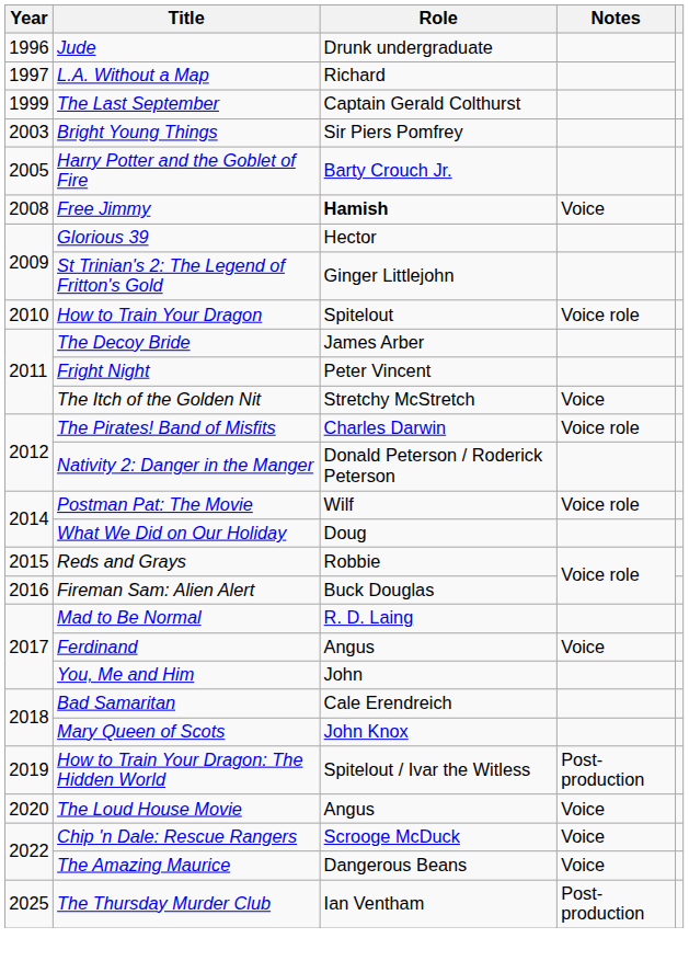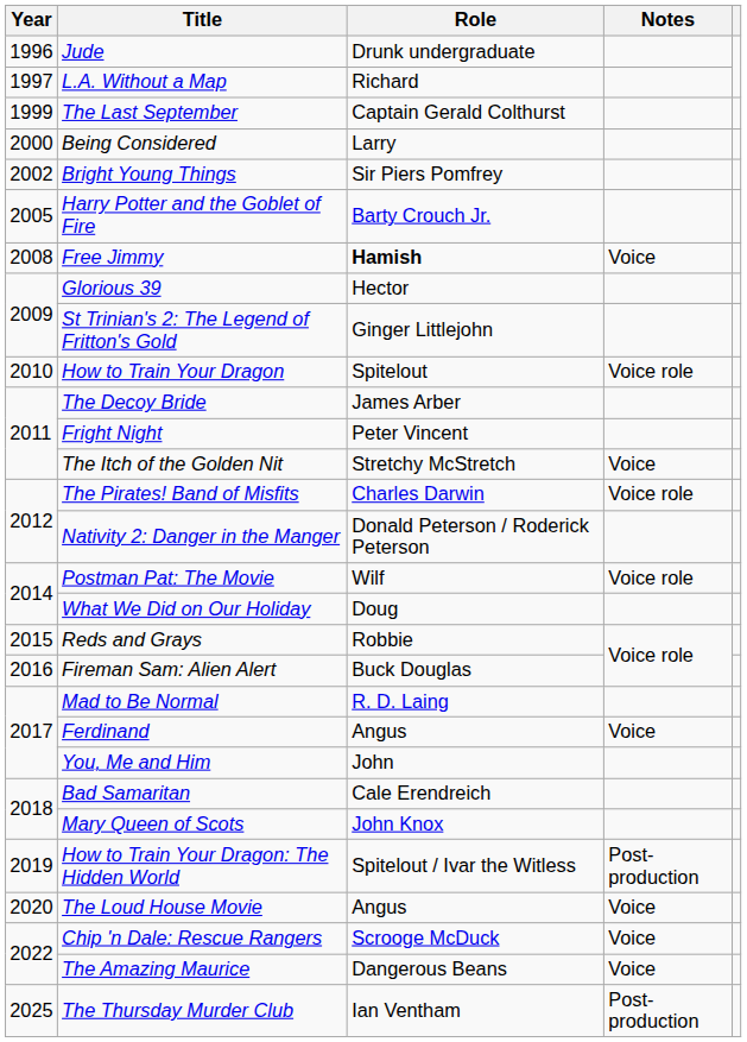 <table class="wikitable sortable">
 <tr>
 <th>Year</th>
 <th>Title</th>
 <th>Role</th>
 <th class="unsortable">Notes</th>
 <th class="unsortable"></th>
 </tr>
 <tr>
 <td>1996</td>
 <td><em><a href='#'>Jude</a></em></td>
 <td>Drunk undergraduate</td>
 <td></td>
 <td rowspan="2"></td>
 </tr>
 <tr>
 <td>1997</td>
 <td><em><a href='#'>L.A. Without a Map</a></em></td>
 <td>Richard</td>
 <td></td>
 </tr>
 <tr>
 <td>1999</td>
 <td><em><a href='#'>The Last September</a></em></td>
 <td data-sort-value="Colthurst, Captain Gerald">Captain Gerald Colthurst</td>
 <td></td>
 <td></td>
 </tr>
 <tr>
-<td>2003</td>
+<td>2000</td>
+<td><em>Being Considered</em></td>
+<td>Larry</td>
+<td></td>
+<td></td>
+</tr>
+<tr>
+<td>2002</td>
 <td><em><a href='#'>Bright Young Things</a></em></td>
 <td>Sir Piers Pomfrey</td>
 <td></td>
 <td></td>
 </tr>
 <tr>
 <td>2005</td>
 <td><em><a href='#'>Harry Potter and the Goblet of Fire</a></em></td>
 <td data-sort-value="Crouch Jr., Barty"><a href='#'>Barty Crouch Jr.</a></td>
 <td></td>
 <td></td>
 </tr>
 <tr>
 <td>2008</td>
 <td><em><a href='#'>Free Jimmy</a></em></td>
 <td><strong>Hamish</strong></td>
 <td>Voice</td>
 <td></td>
 </tr>
 <tr>
 <td rowspan="2">2009</td>
 <td><em><a href='#'>Glorious 39</a></em></td>
 <td>Hector</td>
 <td></td>
 <td></td>
 </tr>
 <tr>
 <td><em><a href='#'>St Trinian's 2: The Legend of Fritton's Gold</a></em></td>
 <td data-sort-value="Littlejohn, Ginger">Ginger Littlejohn</td>
 <td></td>
 <td></td>
 </tr>
 <tr>
 <td>2010</td>
 <td><em><a href='#'>How to Train Your Dragon</a></em></td>
 <td>Spitelout</td>
 <td>Voice role</td>
 <td></td>
 </tr>
 <tr>
 <td rowspan="3">2011</td>
 <td><em><a href='#'>The Decoy Bride</a></em></td>
 <td data-sort-value="Arber, James">James Arber</td>
 <td></td>
 <td></td>
 </tr>
 <tr>
 <td><em><a href='#'>Fright Night</a></em></td>
 <td data-sort-value="Vincent, Peter">Peter Vincent</td>
 <td></td>
 <td></td>
 </tr>
 <tr>
 <td><em>The Itch of the Golden Nit</em></td>
 <td data-sort-value="McStretch, Stretchy">Stretchy McStretch</td>
 <td>Voice</td>
 <td></td>
 </tr>
 <tr>
 <td rowspan="2">2012</td>
 <td><em><a href='#'>The Pirates! Band of Misfits</a></em></td>
 <td data-sort-value="Darwin, Charles"><a href='#'>Charles Darwin</a></td>
 <td>Voice role</td>
 <td></td>
 </tr>
 <tr>
 <td><em><a href='#'>Nativity 2: Danger in the Manger</a></em></td>
 <td data-sort-value="Peterson, Donald">Donald Peterson / Roderick Peterson</td>
 <td></td>
 <td></td>
 </tr>
 <tr>
 <td rowspan="2">2014</td>
 <td><em><a href='#'>Postman Pat: The Movie</a></em></td>
 <td>Wilf</td>
 <td>Voice role</td>
 <td></td>
 </tr>
 <tr>
 <td><em><a href='#'>What We Did on Our Holiday</a></em></td>
 <td>Doug</td>
 <td></td>
 <td></td>
 </tr>
 <tr>
 <td>2015</td>
 <td><em>Reds and Grays</em></td>
 <td>Robbie</td>
 <td rowspan="2">Voice role</td>
 <td></td>
 </tr>
 <tr>
 <td>2016</td>
 <td><em>Fireman Sam: Alien Alert</em></td>
 <td data-sort-value="Douglas, Buck">Buck Douglas</td>
 <td></td>
 </tr>
 <tr>
 <td rowspan="3">2017</td>
 <td><em><a href='#'>Mad to Be Normal</a></em></td>
 <td data-sort-value="Laing, R. D."><a href='#'>R. D. Laing</a></td>
 <td></td>
 <td></td>
 </tr>
 <tr>
 <td><em><a href='#'>Ferdinand</a></em></td>
 <td>Angus</td>
 <td>Voice</td>
 <td></td>
 </tr>
 <tr>
 <td><em><a href='#'>You, Me and Him</a></em></td>
 <td>John</td>
 <td></td>
 <td></td>
 </tr>
 <tr>
 <td rowspan="2">2018</td>
 <td><em><a href='#'>Bad Samaritan</a></em></td>
 <td data-sort-value="Erendreich, Cale">Cale Erendreich</td>
 <td></td>
 <td></td>
 </tr>
 <tr>
 <td><em><a href='#'>Mary Queen of Scots</a></em></td>
 <td data-sort-value="Knox, John"><a href='#'>John Knox</a></td>
 <td></td>
 <td></td>
 </tr>
 <tr>
 <td>2019</td>
 <td><em><a href='#'>How to Train Your Dragon: The Hidden World</a></em></td>
 <td>Spitelout / Ivar the Witless</td>
 <td>Post-production</td>
 <td></td>
 </tr>
 <tr>
 <td>2020</td>
 <td><em><a href='#'>The Loud House Movie</a></em></td>
 <td>Angus</td>
 <td>Voice</td>
 <td></td>
 </tr>
 <tr>
 <td rowspan=2>2022</td>
 <td><em><a href='#'>Chip 'n Dale: Rescue Rangers</a></em></td>
 <td data-sort-value="McDuck, Scrooge"><a href='#'>Scrooge McDuck</a></td>
 <td>Voice</td>
 <td></td>
 </tr>
 <tr>
 <td><em><a href='#'>The Amazing Maurice</a></em></td>
 <td>Dangerous Beans</td>
 <td>Voice</td>
 <td></td>
 </tr>
 <tr>
 <td>2025</td>
 <td><em><a href='#'>The Thursday Murder Club</a></em></td>
 <td>Ian Ventham</td>
 <td>Post-production</td>
 <td></td>
 </tr>
 </table>
